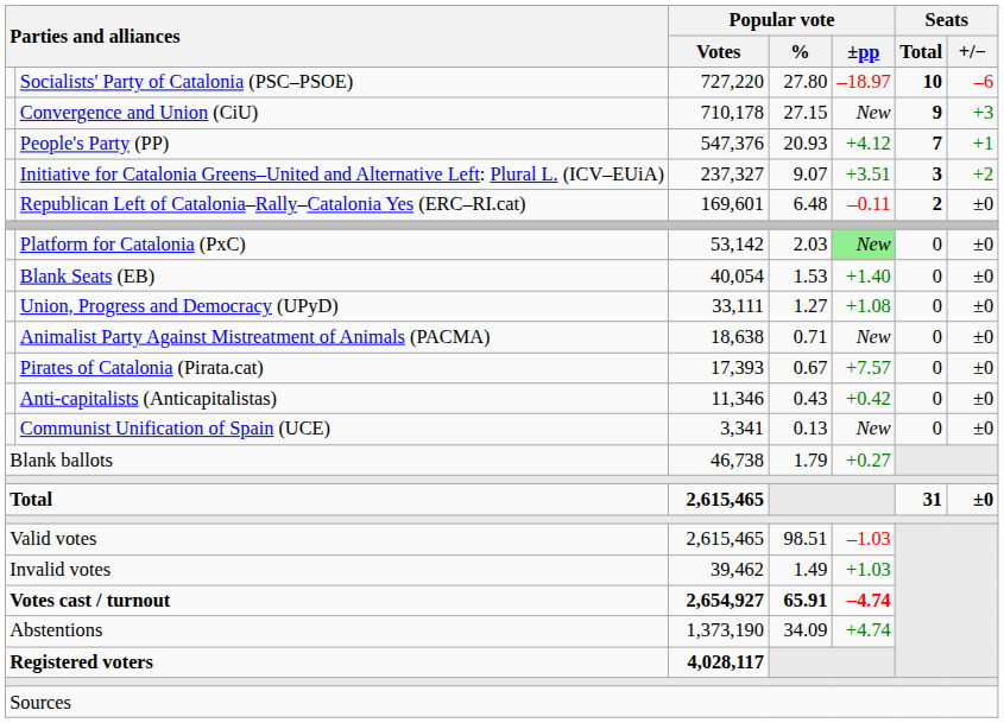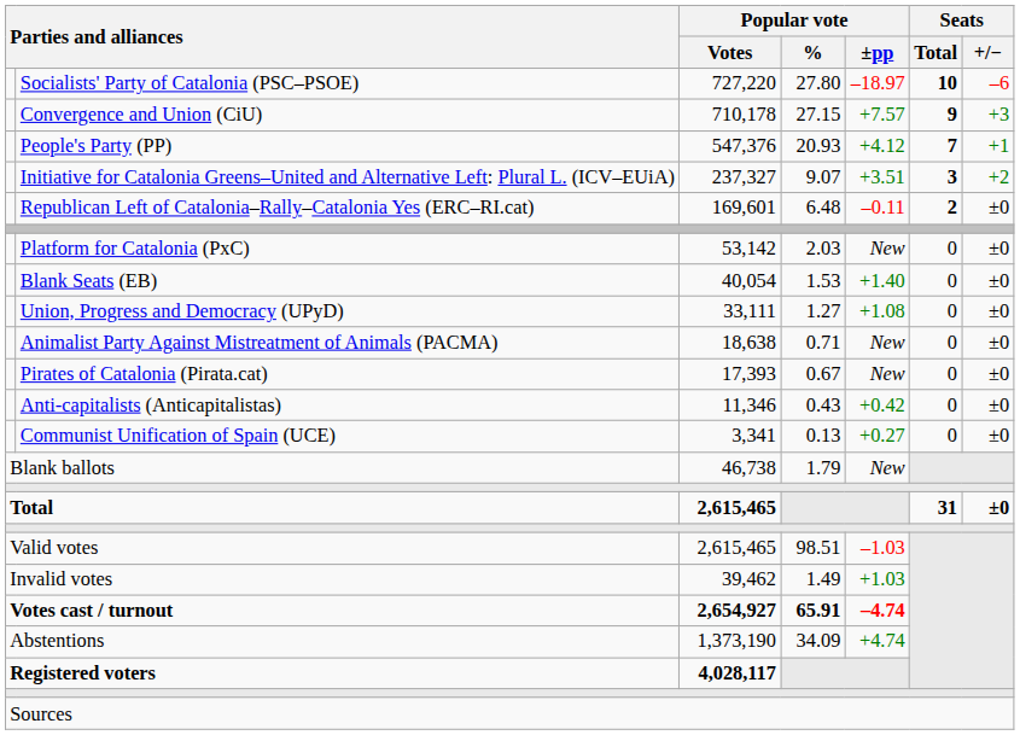 <table class="wikitable" style="text-align:right;">
 <tr>
 <th style="text-align:left;" rowspan="2" colspan="2" width="525">Parties and alliances</th>
 <th colspan="3">Popular vote</th>
 <th colspan="2">Seats</th>
 </tr>
 <tr>
 <th width="75">Votes</th>
 <th width="45">%</th>
 <th width="45">±<a href='#'>pp</a></th>
 <th width="35">Total</th>
 <th width="35">+/−</th>
 </tr>
 <tr>
 <td width="1" style="color:inherit;background:"></td>
 <td align="left"><a href='#'>Socialists' Party of Catalonia</a> (PSC–PSOE)</td>
 <td>727,220</td>
 <td>27.80</td>
 <td style="color:red;">–18.97</td>
 <td><strong>10</strong></td>
 <td style="color:red;">–6</td>
 </tr>
 <tr>
 <td style="color:inherit;background:"></td>
 <td align="left"><a href='#'>Convergence and Union</a> (CiU)</td>
 <td>710,178</td>
 <td>27.15</td>
-<td><em>New</em></td>
+<td style="color:green;">+7.57</td>
 <td><strong>9</strong></td>
 <td style="color:green;">+3</td>
 </tr>
 <tr>
 <td style="color:inherit;background:"></td>
 <td align="left"><a href='#'>People's Party</a> (PP)</td>
 <td>547,376</td>
 <td>20.93</td>
 <td style="color:green;">+4.12</td>
 <td><strong>7</strong></td>
 <td style="color:green;">+1</td>
 </tr>
 <tr>
 <td style="color:inherit;background:"></td>
 <td align="left"><a href='#'>Initiative for Catalonia Greens–United and Alternative Left</a>: <a href='#'>Plural L.</a> (ICV–EUiA)</td>
 <td>237,327</td>
 <td>9.07</td>
 <td style="color:green;">+3.51</td>
 <td><strong>3</strong></td>
 <td style="color:green;">+2</td>
 </tr>
 <tr>
 <td style="color:inherit;background:"></td>
 <td align="left"><a href='#'>Republican Left of Catalonia</a>–<a href='#'>Rally</a>–<a href='#'>Catalonia Yes</a> (ERC–RI.cat)</td>
 <td>169,601</td>
 <td>6.48</td>
 <td style="color:red;">–0.11</td>
 <td><strong>2</strong></td>
 <td>±0</td>
 </tr>
 <tr>
 <td colspan="7" bgcolor="#C0C0C0"></td>
 </tr>
 <tr>
 <td style="color:inherit;background:"></td>
 <td align="left"><a href='#'>Platform for Catalonia</a> (PxC)</td>
 <td>53,142</td>
 <td>2.03</td>
-<td style="background: lightgreen;"><em>New</em></td>
+<td><em>New</em></td>
 <td>0</td>
 <td>±0</td>
 </tr>
 <tr>
 <td style="color:inherit;background:"></td>
 <td align="left"><a href='#'>Blank Seats</a> (EB)</td>
 <td>40,054</td>
 <td>1.53</td>
 <td style="color:green;">+1.40</td>
 <td>0</td>
 <td>±0</td>
 </tr>
 <tr>
 <td style="color:inherit;background:"></td>
 <td align="left"><a href='#'>Union, Progress and Democracy</a> (UPyD)</td>
 <td>33,111</td>
 <td>1.27</td>
 <td style="color:green;">+1.08</td>
 <td>0</td>
 <td>±0</td>
 </tr>
 <tr>
 <td style="color:inherit;background:"></td>
 <td align="left"><a href='#'>Animalist Party Against Mistreatment of Animals</a> (PACMA)</td>
 <td>18,638</td>
 <td>0.71</td>
 <td><em>New</em></td>
 <td>0</td>
 <td>±0</td>
 </tr>
 <tr>
 <td style="color:inherit;background:"></td>
 <td align="left"><a href='#'>Pirates of Catalonia</a> (Pirata.cat)</td>
 <td>17,393</td>
 <td>0.67</td>
-<td style="color:green;">+7.57</td>
+<td><em>New</em></td>
 <td>0</td>
 <td>±0</td>
 </tr>
 <tr>
 <td style="color:inherit;background:"></td>
 <td align="left"><a href='#'>Anti-capitalists</a> (Anticapitalistas)</td>
 <td>11,346</td>
 <td>0.43</td>
 <td style="color:green;">+0.42</td>
 <td>0</td>
 <td>±0</td>
 </tr>
 <tr>
 <td style="color:inherit;background:"></td>
 <td align="left"><a href='#'>Communist Unification of Spain</a> (UCE)</td>
 <td>3,341</td>
 <td>0.13</td>
-<td><em>New</em></td>
+<td style="color:green;">+0.27</td>
 <td>0</td>
 <td>±0</td>
 </tr>
 <tr>
 <td align="left" colspan="2">Blank ballots</td>
 <td>46,738</td>
 <td>1.79</td>
-<td style="color:green;">+0.27</td>
+<td><em>New</em></td>
 <td bgcolor="#E9E9E9" colspan="2"></td>
 </tr>
 <tr>
 <td colspan="7" bgcolor="#E9E9E9"></td>
 </tr>
 <tr style="font-weight:bold;">
 <td align="left" colspan="2">Total</td>
 <td>2,615,465</td>
 <td bgcolor="#E9E9E9" colspan="2"></td>
 <td>31</td>
 <td>±0</td>
 </tr>
 <tr>
 <td colspan="7" bgcolor="#E9E9E9"></td>
 </tr>
 <tr>
 <td align="left" colspan="2">Valid votes</td>
 <td>2,615,465</td>
 <td>98.51</td>
 <td style="color:red;">–1.03</td>
 <td bgcolor="#E9E9E9" colspan="2" rowspan="5"></td>
 </tr>
 <tr>
 <td align="left" colspan="2">Invalid votes</td>
 <td>39,462</td>
 <td>1.49</td>
 <td style="color:green;">+1.03</td>
 </tr>
 <tr style="font-weight:bold;">
 <td align="left" colspan="2">Votes cast / turnout</td>
 <td>2,654,927</td>
 <td>65.91</td>
 <td style="color:red;">–4.74</td>
 </tr>
 <tr>
 <td align="left" colspan="2">Abstentions</td>
 <td>1,373,190</td>
 <td>34.09</td>
 <td style="color:green;">+4.74</td>
 </tr>
 <tr style="font-weight:bold;">
 <td align="left" colspan="2">Registered voters</td>
 <td>4,028,117</td>
 <td bgcolor="#E9E9E9" colspan="2"></td>
 </tr>
 <tr>
 <td colspan="7" bgcolor="#E9E9E9"></td>
 </tr>
 <tr>
 <td align="left" colspan="7">Sources</td>
 </tr>
 </table>
